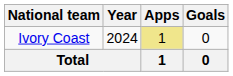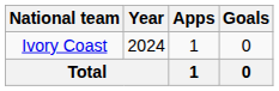 <table class="wikitable" style="text-align: center">
 <tr>
 <th>National team</th>
 <th>Year</th>
 <th>Apps</th>
 <th>Goals</th>
 </tr>
 <tr>
 <td><a href='#'>Ivory Coast</a></td>
 <td>2024</td>
-<td style="background: khaki;">1</td>
+<td>1</td>
 <td>0</td>
 </tr>
 <tr>
 <th colspan="2">Total</th>
 <th>1</th>
 <th>0</th>
 </tr>
 </table>
